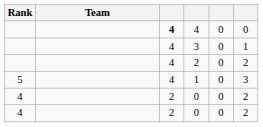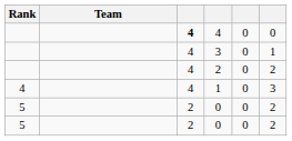 <table class="wikitable" style="text-align: center;">
 <tr>
 <th width=40>Rank</th>
 <th width=180>Team</th>
 <th width=30></th>
 <th width=30></th>
 <th width=30></th>
 <th width=30></th>
 </tr>
 <tr>
 <td></td>
 <td align=left></td>
 <td><strong>4</strong></td>
 <td>4</td>
 <td>0</td>
 <td>0</td>
 </tr>
 <tr>
 <td></td>
 <td align=left></td>
 <td>4</td>
 <td>3</td>
 <td>0</td>
 <td>1</td>
 </tr>
 <tr>
 <td></td>
 <td align=left></td>
 <td>4</td>
 <td>2</td>
 <td>0</td>
 <td>2</td>
 </tr>
 <tr>
-<td>5</td>
+<td>4</td>
 <td align=left></td>
 <td>4</td>
 <td>1</td>
 <td>0</td>
 <td>3</td>
 </tr>
 <tr>
-<td>4</td>
+<td>5</td>
 <td align=left></td>
 <td>2</td>
 <td>0</td>
 <td>0</td>
 <td>2</td>
 </tr>
 <tr>
-<td>4</td>
+<td>5</td>
 <td align=left></td>
 <td>2</td>
 <td>0</td>
 <td>0</td>
 <td>2</td>
 </tr>
 </table>
